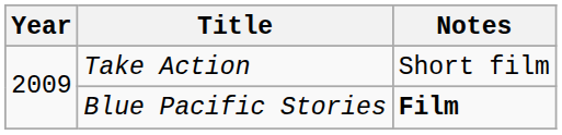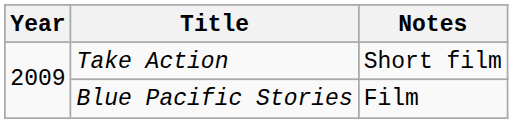 <table class="wikitable sortable">
 <tr>
 <th>Year</th>
 <th>Title</th>
 <th class="unsortable">Notes</th>
 </tr>
 <tr>
 <td rowspan="2">2009</td>
 <td><em>Take Action</em></td>
 <td>Short film</td>
 </tr>
 <tr>
 <td><em>Blue Pacific Stories</em></td>
-<td><strong>Film</strong></td>
+<td>Film</td>
 </tr>
 </table>
